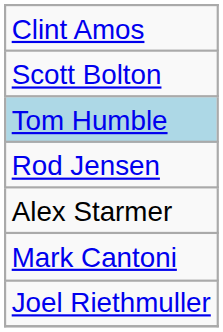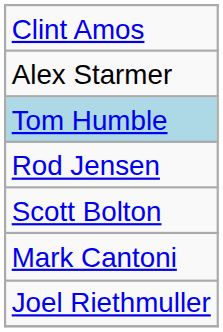 <table class="wikitable" style="font-size:80%">
 <tr>
 <td> <a href='#'>Clint Amos</a></td>
 </tr>
 <tr>
-<td> <a href='#'>Scott Bolton</a></td>
+<td> Alex Starmer</td>
 </tr>
 <tr>
 <td style="background: lightblue;"> <a href='#'>Tom Humble</a></td>
 </tr>
 <tr>
 <td> <a href='#'>Rod Jensen</a></td>
 </tr>
 <tr>
-<td> Alex Starmer</td>
+<td> <a href='#'>Scott Bolton</a></td>
 </tr>
 <tr>
 <td> <a href='#'>Mark Cantoni</a></td>
 </tr>
 <tr>
 <td> <a href='#'>Joel Riethmuller</a></td>
 </tr>
 <tr>
 </tr>
 </table>
